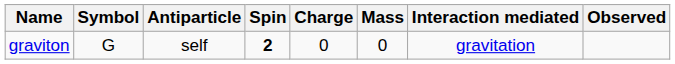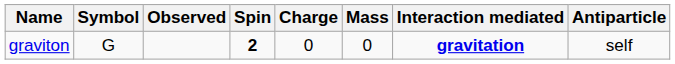 <table class="wikitable sortable" style="margin:1em auto; align: center; text-align: center;">
 <tr>
 <th>Name</th>
 <th>Symbol</th>
-<th>Antiparticle</th>
+<th>Observed</th>
 <th>Spin</th>
 <th>Charge</th>
 <th>Mass</th>
 <th>Interaction mediated</th>
-<th>Observed</th>
+<th>Antiparticle</th>
 </tr>
 <tr>
 <td><a href='#'>graviton</a></td>
 <td>G</td>
-<td>self</td>
+<td></td>
 <td><strong>2</strong></td>
 <td>0</td>
 <td>0</td>
-<td><a href='#'>gravitation</a></td>
-<td></td>
+<td><strong><a href='#'>gravitation</a></strong></td>
+<td>self</td>
 </tr>
 </table>
